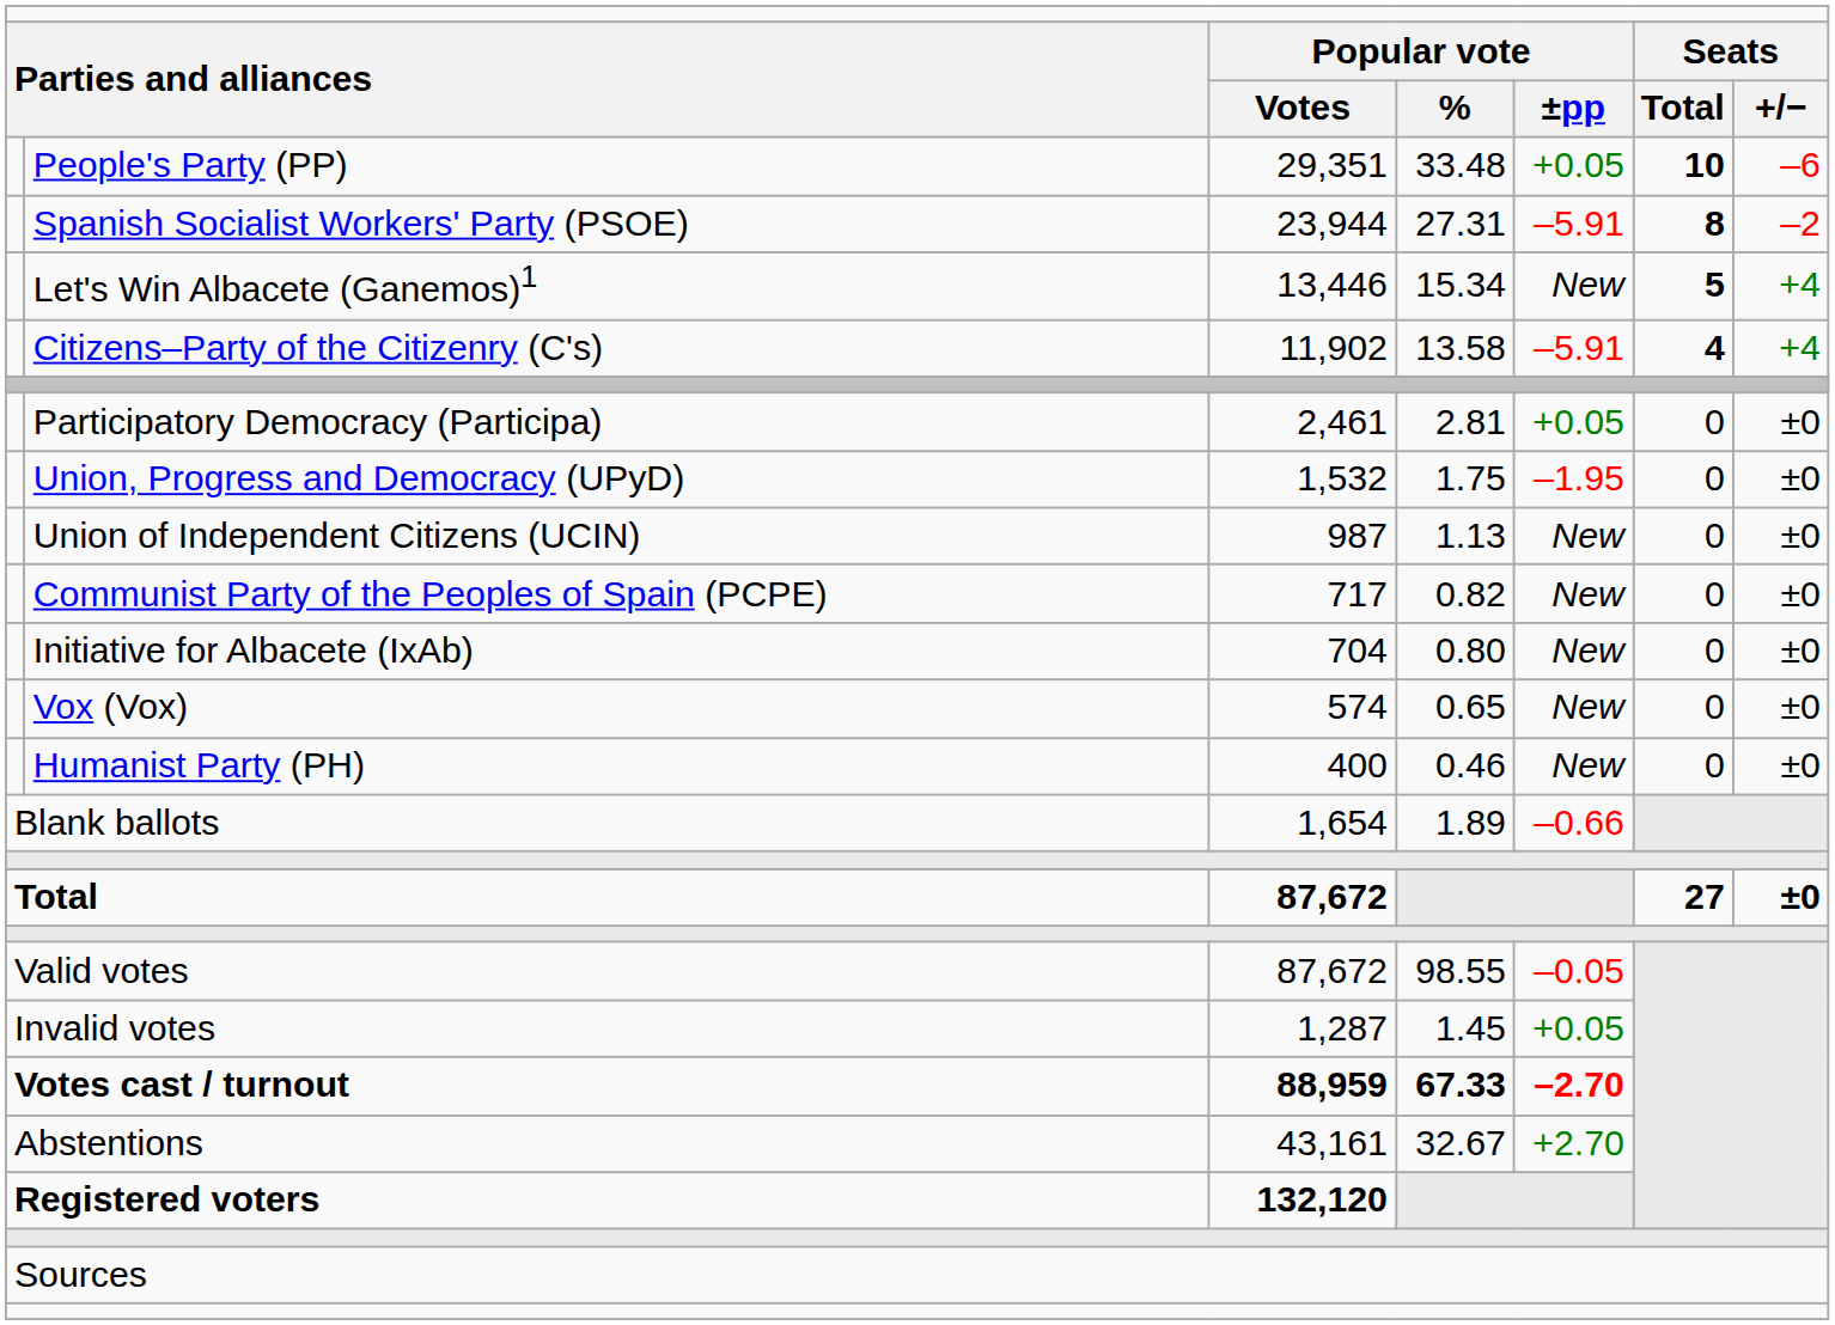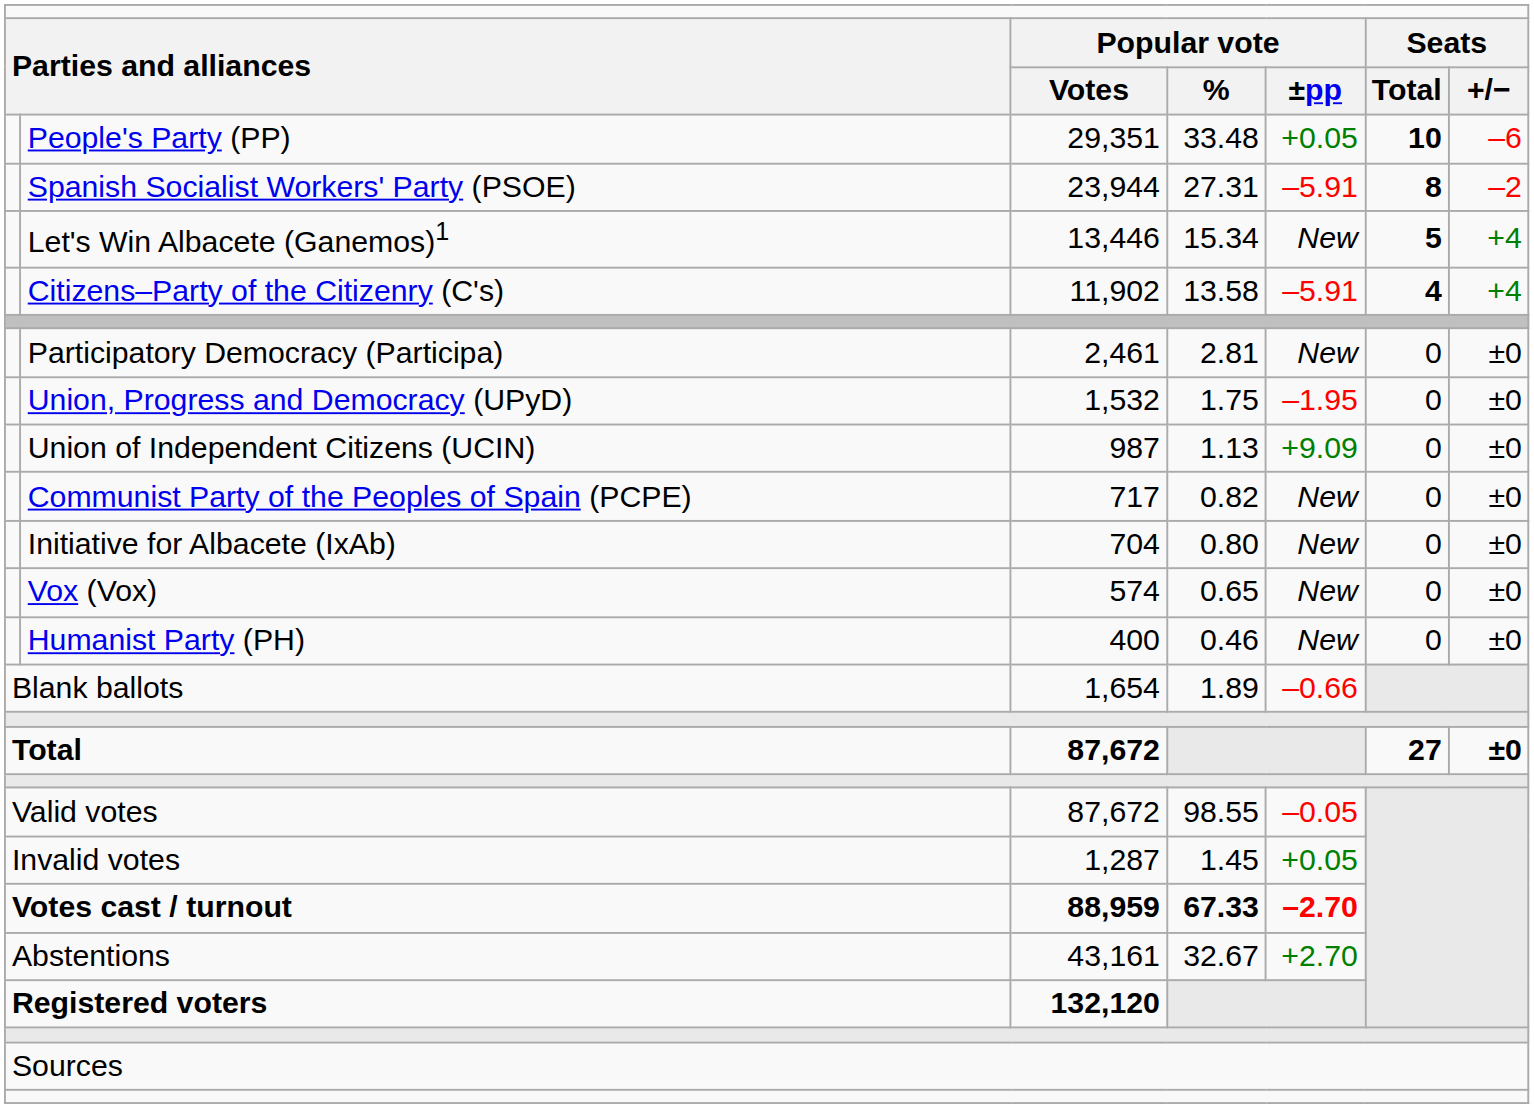 <table class="wikitable" style="text-align:right;">
 <tr>
 <td colspan="7"></td>
 </tr>
 <tr>
 <th style="text-align:left;" rowspan="2" colspan="2" width="525">Parties and alliances</th>
 <th colspan="3">Popular vote</th>
 <th colspan="2">Seats</th>
 </tr>
 <tr>
 <th width="75">Votes</th>
 <th width="45">%</th>
 <th width="45">±<a href='#'>pp</a></th>
 <th width="35">Total</th>
 <th width="35">+/−</th>
 </tr>
 <tr>
 <td width="1" style="color:inherit;background:"></td>
 <td align="left"><a href='#'>People's Party</a> (PP)</td>
 <td>29,351</td>
 <td>33.48</td>
 <td style="color:green;">+0.05</td>
 <td><strong>10</strong></td>
 <td style="color:red;">–6</td>
 </tr>
 <tr>
 <td style="color:inherit;background:"></td>
 <td align="left"><a href='#'>Spanish Socialist Workers' Party</a> (PSOE)</td>
 <td>23,944</td>
 <td>27.31</td>
 <td style="color:red;">–5.91</td>
 <td><strong>8</strong></td>
 <td style="color:red;">–2</td>
 </tr>
 <tr>
 <td style="color:inherit;background:"></td>
 <td align="left">Let's Win Albacete (Ganemos)<sup>1</sup></td>
 <td>13,446</td>
 <td>15.34</td>
 <td><em>New</em></td>
 <td><strong>5</strong></td>
 <td style="color:green;">+4</td>
 </tr>
 <tr>
 <td style="color:inherit;background:"></td>
 <td align="left"><a href='#'>Citizens–Party of the Citizenry</a> (C's)</td>
 <td>11,902</td>
 <td>13.58</td>
 <td style="color:red;">–5.91</td>
 <td><strong>4</strong></td>
 <td style="color:green;">+4</td>
 </tr>
 <tr>
 <td colspan="7" bgcolor="#C0C0C0"></td>
 </tr>
 <tr>
 <td style="color:inherit;background:"></td>
 <td align="left">Participatory Democracy (Participa)</td>
 <td>2,461</td>
 <td>2.81</td>
-<td style="color:green;">+0.05</td>
+<td><em>New</em></td>
 <td>0</td>
 <td>±0</td>
 </tr>
 <tr>
 <td style="color:inherit;background:"></td>
 <td align="left"><a href='#'>Union, Progress and Democracy</a> (UPyD)</td>
 <td>1,532</td>
 <td>1.75</td>
 <td style="color:red;">–1.95</td>
 <td>0</td>
 <td>±0</td>
 </tr>
 <tr>
 <td style="color:inherit;background:"></td>
 <td align="left">Union of Independent Citizens (UCIN)</td>
 <td>987</td>
 <td>1.13</td>
-<td><em>New</em></td>
+<td style="color:green;">+9.09</td>
 <td>0</td>
 <td>±0</td>
 </tr>
 <tr>
 <td style="color:inherit;background:"></td>
 <td align="left"><a href='#'>Communist Party of the Peoples of Spain</a> (PCPE)</td>
 <td>717</td>
 <td>0.82</td>
 <td><em>New</em></td>
 <td>0</td>
 <td>±0</td>
 </tr>
 <tr>
 <td style="color:inherit;background:"></td>
 <td align="left">Initiative for Albacete (IxAb)</td>
 <td>704</td>
 <td>0.80</td>
 <td><em>New</em></td>
 <td>0</td>
 <td>±0</td>
 </tr>
 <tr>
 <td style="color:inherit;background:"></td>
 <td align="left"><a href='#'>Vox</a> (Vox)</td>
 <td>574</td>
 <td>0.65</td>
 <td><em>New</em></td>
 <td>0</td>
 <td>±0</td>
 </tr>
 <tr>
 <td style="color:inherit;background:"></td>
 <td align="left"><a href='#'>Humanist Party</a> (PH)</td>
 <td>400</td>
 <td>0.46</td>
 <td><em>New</em></td>
 <td>0</td>
 <td>±0</td>
 </tr>
 <tr>
 <td align="left" colspan="2">Blank ballots</td>
 <td>1,654</td>
 <td>1.89</td>
 <td style="color:red;">–0.66</td>
 <td bgcolor="#E9E9E9" colspan="2"></td>
 </tr>
 <tr>
 <td colspan="7" bgcolor="#E9E9E9"></td>
 </tr>
 <tr style="font-weight:bold;">
 <td align="left" colspan="2">Total</td>
 <td>87,672</td>
 <td bgcolor="#E9E9E9" colspan="2"></td>
 <td>27</td>
 <td>±0</td>
 </tr>
 <tr>
 <td colspan="7" bgcolor="#E9E9E9"></td>
 </tr>
 <tr>
 <td align="left" colspan="2">Valid votes</td>
 <td>87,672</td>
 <td>98.55</td>
 <td style="color:red;">–0.05</td>
 <td bgcolor="#E9E9E9" colspan="2" rowspan="5"></td>
 </tr>
 <tr>
 <td align="left" colspan="2">Invalid votes</td>
 <td>1,287</td>
 <td>1.45</td>
 <td style="color:green;">+0.05</td>
 </tr>
 <tr style="font-weight:bold;">
 <td align="left" colspan="2">Votes cast / turnout</td>
 <td>88,959</td>
 <td>67.33</td>
 <td style="color:red;">–2.70</td>
 </tr>
 <tr>
 <td align="left" colspan="2">Abstentions</td>
 <td>43,161</td>
 <td>32.67</td>
 <td style="color:green;">+2.70</td>
 </tr>
 <tr style="font-weight:bold;">
 <td align="left" colspan="2">Registered voters</td>
 <td>132,120</td>
 <td bgcolor="#E9E9E9" colspan="2"></td>
 </tr>
 <tr>
 <td colspan="7" bgcolor="#E9E9E9"></td>
 </tr>
 <tr>
 <td align="left" colspan="7">Sources</td>
 </tr>
 <tr>
 <td colspan="7" style="text-align:left; max-width:790px;"></td>
 </tr>
 </table>
